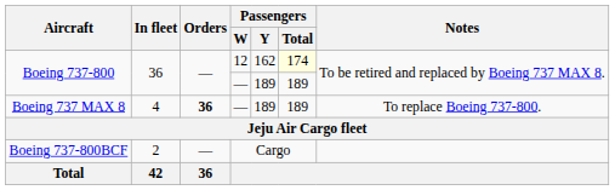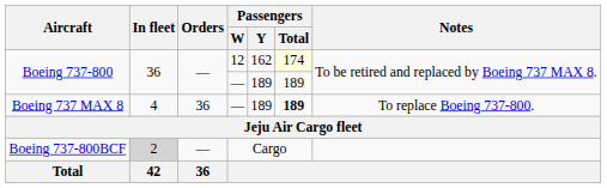 <table class="wikitable" style="margin:1em auto; border-collapse:collapse;text-align:center">
 <tr>
 <th rowspan="2">Aircraft</th>
 <th rowspan="2">In fleet</th>
 <th rowspan="2">Orders</th>
 <th colspan="3">Passengers</th>
 <th rowspan="2">Notes</th>
 </tr>
 <tr>
 <th><abbr>W</abbr></th>
 <th><abbr>Y</abbr></th>
 <th>Total</th>
 </tr>
 <tr>
 <td rowspan="2"><a href='#'>Boeing 737-800</a></td>
 <td rowspan="2">36</td>
 <td rowspan="2">—</td>
 <td>12</td>
 <td>162</td>
 <td style="background: lightyellow;">174</td>
 <td rowspan="2">To be retired and replaced by <a href='#'>Boeing 737 MAX 8</a>.</td>
 </tr>
 <tr>
 <td>—</td>
 <td>189</td>
 <td>189</td>
 </tr>
 <tr>
 <td><a href='#'>Boeing 737 MAX 8</a></td>
 <td>4</td>
-<td><strong>36</strong></td>
+<td>36</td>
 <td>—</td>
 <td>189</td>
-<td>189</td>
+<td><strong>189</strong></td>
 <td>To replace <a href='#'>Boeing 737-800</a>.</td>
 </tr>
 <tr>
 <th colspan="7">Jeju Air Cargo fleet</th>
 </tr>
 <tr>
 <td><a href='#'>Boeing 737-800BCF</a></td>
-<td>2</td>
+<td style="background: lightgrey;">2</td>
 <td>—</td>
 <td colspan="3"><abbr>Cargo</abbr></td>
 <td></td>
 </tr>
 <tr>
 <th>Total</th>
 <th>42</th>
 <th>36</th>
 <th colspan="4"></th>
 </tr>
 </table>
